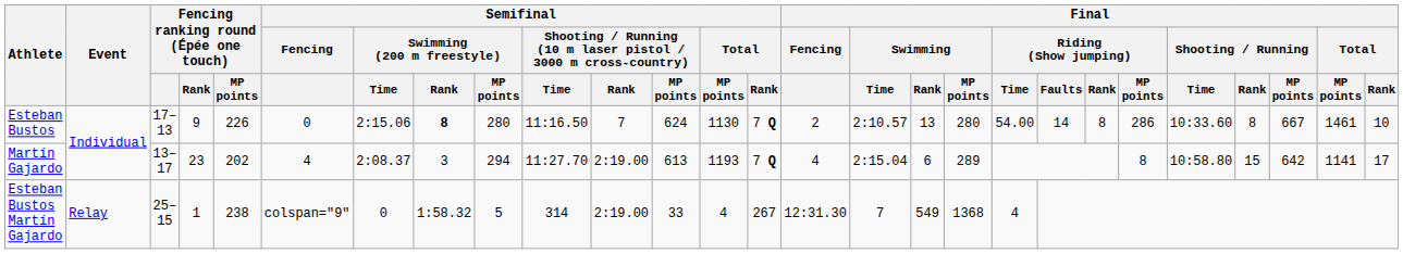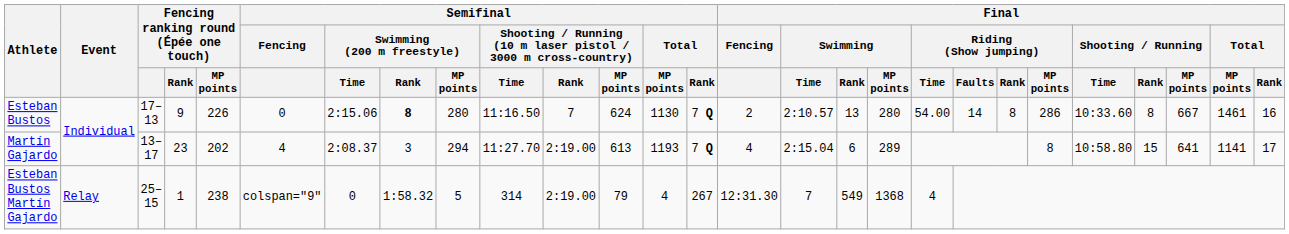 <table class=wikitable style=font-size:90%;text-align:center>
 <tr>
 <th rowspan=3>Athlete</th>
 <th rowspan=3>Event</th>
 <th colspan=3 rowspan=2>Fencing ranking round<br><span>(Épée one touch)</span></th>
 <th colspan=9>Semifinal</th>
 <th colspan=13>Final</th>
 </tr>
 <tr style=font-size:95%>
 <th>Fencing</th>
 <th colspan=3>Swimming<br><span>(200 m freestyle)</span></th>
 <th colspan=3>Shooting / Running<br><span>(10 m laser pistol / 3000 m cross-country)</span></th>
 <th colspan=2>Total</th>
 <th>Fencing</th>
 <th colspan=3>Swimming</th>
 <th colspan=4>Riding<br><span>(Show jumping)</span></th>
 <th colspan=3>Shooting / Running</th>
 <th colspan=2>Total</th>
 </tr>
 <tr style=font-size:90%>
 <th></th>
 <th>Rank</th>
 <th>MP points</th>
 <th></th>
 <th>Time</th>
 <th>Rank</th>
 <th>MP points</th>
 <th>Time</th>
 <th>Rank</th>
 <th>MP points</th>
 <th>MP points</th>
 <th>Rank</th>
 <th></th>
 <th>Time</th>
 <th>Rank</th>
 <th>MP points</th>
 <th>Time</th>
 <th>Faults</th>
 <th>Rank</th>
 <th>MP points</th>
 <th>Time</th>
 <th>Rank</th>
 <th>MP points</th>
 <th>MP points</th>
 <th>Rank</th>
 </tr>
 <tr>
 <td style="text-align:left"><a href='#'>Esteban Bustos</a></td>
 <td style="text-align:left" rowspan=2><a href='#'>Individual</a></td>
 <td>17–13</td>
 <td>9</td>
 <td>226</td>
 <td>0</td>
 <td>2:15.06</td>
 <td><strong>8</strong></td>
 <td>280</td>
 <td>11:16.50</td>
 <td>7</td>
 <td>624</td>
 <td>1130</td>
 <td>7 <strong>Q</strong></td>
 <td>2</td>
 <td>2:10.57</td>
 <td>13</td>
 <td>280</td>
 <td>54.00</td>
 <td>14</td>
 <td>8</td>
 <td>286</td>
 <td>10:33.60</td>
 <td>8</td>
 <td>667</td>
 <td>1461</td>
-<td>10</td>
+<td>16</td>
 </tr>
 <tr>
 <td style="text-align:left"><a href='#'>Martín Gajardo</a></td>
 <td>13–17</td>
 <td>23</td>
 <td>202</td>
 <td>4</td>
 <td>2:08.37</td>
 <td>3</td>
 <td>294</td>
 <td>11:27.70</td>
 <td>2:19.00</td>
 <td>613</td>
 <td>1193</td>
 <td>7 <strong>Q</strong></td>
 <td>4</td>
 <td>2:15.04</td>
 <td>6</td>
 <td>289</td>
 <td colspan="3"></td>
 <td>8</td>
 <td>10:58.80</td>
 <td>15</td>
-<td>642</td>
+<td>641</td>
 <td>1141</td>
 <td>17</td>
 </tr>
 <tr>
 <td style="text-align:left"><a href='#'>Esteban Bustos</a><br><a href='#'>Martín Gajardo</a></td>
 <td style="text-align:left"><a href='#'>Relay</a></td>
 <td>25–15</td>
 <td>1</td>
 <td>238</td>
 <td>colspan="9" </td>
 <td>0</td>
 <td>1:58.32</td>
 <td>5</td>
 <td>314</td>
 <td>2:19.00</td>
-<td>33</td>
+<td>79</td>
 <td>4</td>
 <td>267</td>
 <td>12:31.30</td>
 <td>7</td>
 <td>549</td>
 <td>1368</td>
 <td>4</td>
 </tr>
 </table>
